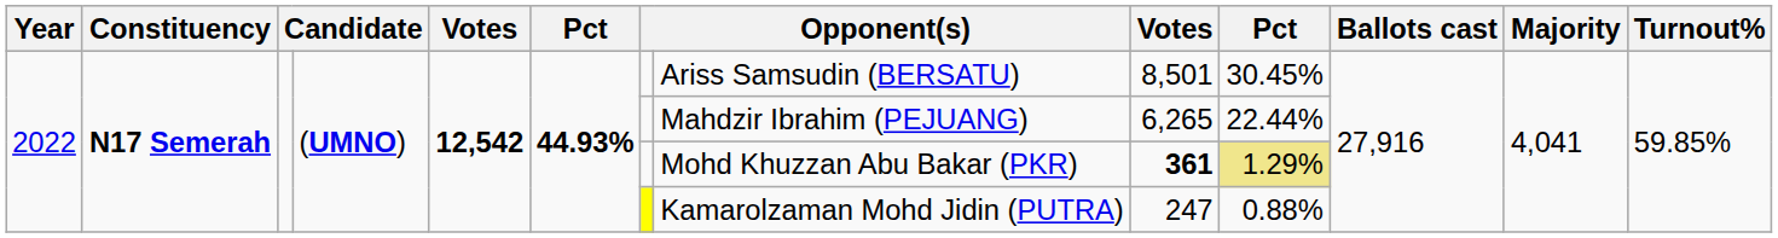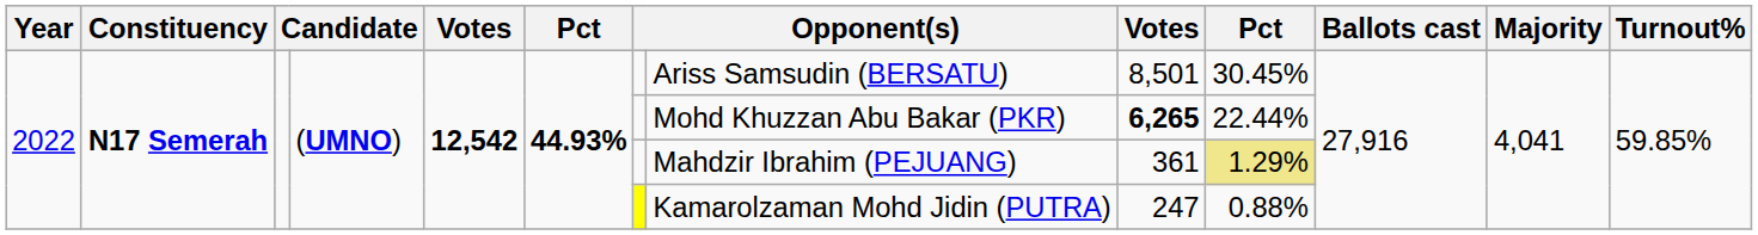 <table class="wikitable" style="margin:0.5em ; font-size:95%">
 <tr>
 <th>Year</th>
 <th>Constituency</th>
 <th colspan=2>Candidate</th>
 <th>Votes</th>
 <th>Pct</th>
 <th colspan=2>Opponent(s)</th>
 <th>Votes</th>
 <th>Pct</th>
 <th>Ballots cast</th>
 <th>Majority</th>
 <th>Turnout%</th>
 </tr>
 <tr>
 <td rowspan="4"><a href='#'>2022</a></td>
 <td rowspan="4"><strong>N17 <a href='#'>Semerah</a></strong></td>
 <td rowspan="4" ></td>
 <td rowspan="4"> (<a href='#'><strong>UMNO</strong></a>)</td>
 <td rowspan="4" align=right><strong>12,542</strong></td>
 <td rowspan="4"><strong>44.93%</strong></td>
 <td bgcolor=></td>
 <td>Ariss Samsudin (<a href='#'>BERSATU</a>)</td>
 <td align=right>8,501</td>
 <td>30.45%</td>
 <td rowspan="4">27,916</td>
 <td rowspan="4">4,041</td>
 <td rowspan="4">59.85%</td>
 </tr>
 <tr>
 <td></td>
-<td>Mahdzir Ibrahim (<a href='#'>PEJUANG</a>)</td>
-<td align=right>6,265</td>
+<td>Mohd Khuzzan Abu Bakar (<a href='#'>PKR</a>)</td>
+<td align=right><strong>6,265</strong></td>
 <td>22.44%</td>
 </tr>
 <tr>
 <td></td>
-<td>Mohd Khuzzan Abu Bakar (<a href='#'>PKR</a>)</td>
-<td align=right><strong>361</strong></td>
+<td>Mahdzir Ibrahim (<a href='#'>PEJUANG</a>)</td>
+<td align=right>361</td>
 <td align=right style="background: khaki;">1.29%</td>
 </tr>
 <tr>
 <td bgcolor=yellow></td>
 <td>Kamarolzaman Mohd Jidin (<a href='#'>PUTRA</a>)</td>
 <td align=right>247</td>
 <td align=right>0.88%</td>
 </tr>
 </table>
